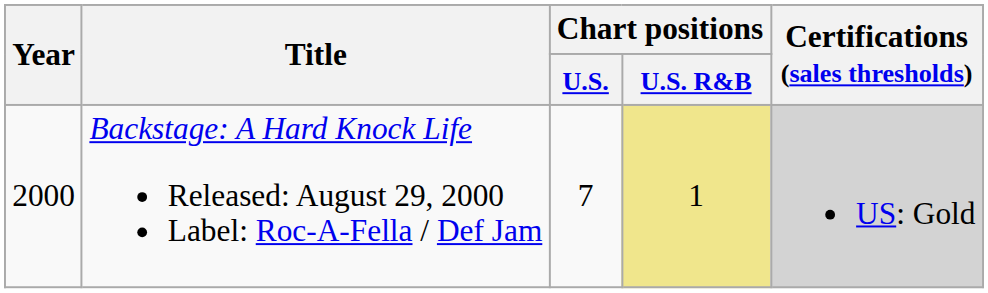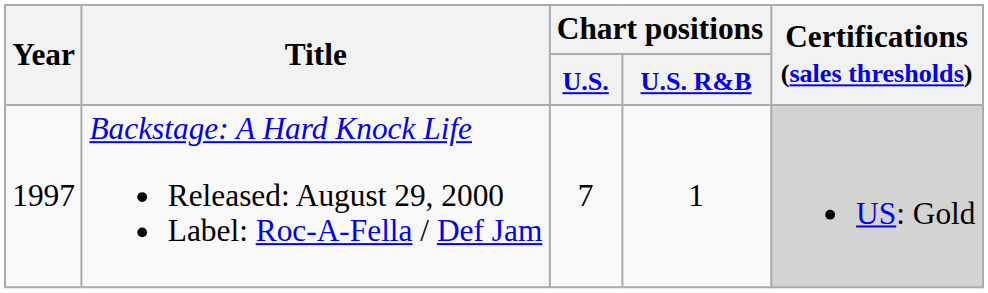 <table class="wikitable">
 <tr>
 <th rowspan="2">Year</th>
 <th rowspan="2">Title</th>
 <th colspan="2">Chart positions</th>
 <th rowspan="2">Certifications<br><small>(<a href='#'>sales thresholds</a>)</small></th>
 </tr>
 <tr>
 <th><small><a href='#'>U.S.</a></small></th>
 <th><small><a href='#'>U.S. R&B</a></small></th>
 </tr>
 <tr>
-<td>2000</td>
+<td>1997</td>
 <td><em><a href='#'>Backstage: A Hard Knock Life</a></em><br><ul><li>Released: August 29, 2000</li><li>Label: <a href='#'>Roc-A-Fella</a> / <a href='#'>Def Jam</a></li></ul></td>
 <td align="center">7</td>
-<td align="center" style="background: khaki;">1</td>
+<td align="center">1</td>
 <td style="background: lightgrey;"><br><ul><li><a href='#'>US</a>: Gold</li></ul></td>
 </tr>
 </table>
